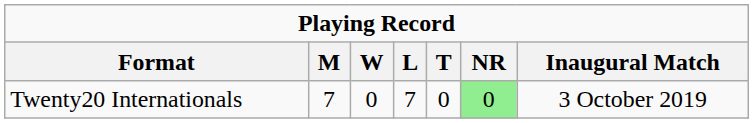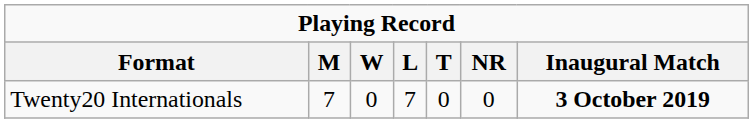 <table class="wikitable" style="text-align: center; width: 500px;">
 <tr>
 <td colspan=7 align="center"><strong>Playing Record</strong></td>
 </tr>
 <tr>
 <th>Format</th>
 <th>M</th>
 <th>W</th>
 <th>L</th>
 <th>T</th>
 <th>NR</th>
 <th>Inaugural Match</th>
 </tr>
 <tr>
 <td align="left">Twenty20 Internationals</td>
 <td>7</td>
 <td>0</td>
 <td>7</td>
 <td>0</td>
-<td style="background: lightgreen;">0</td>
-<td>3 October 2019</td>
+<td>0</td>
+<td><strong>3 October 2019</strong></td>
 </tr>
 </table>
